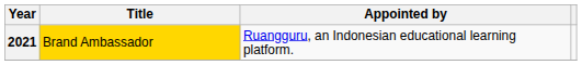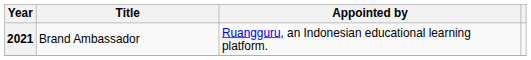 <table class="wikitable sortable plainrowheaders">
 <tr>
 <th>Year</th>
 <th style="width:15em;">Title</th>
 <th style="width:25em;">Appointed by</th>
 <th scope="col" class="unsortable"></th>
 </tr>
 <tr>
 <th scope="row">2021</th>
-<td style="background: gold;">Brand Ambassador</td>
+<td>Brand Ambassador</td>
 <td><a href='#'>Ruangguru</a>, an Indonesian educational learning platform.</td>
 <td style="text-align:center"></td>
 </tr>
 <tr>
 </tr>
 </table>
